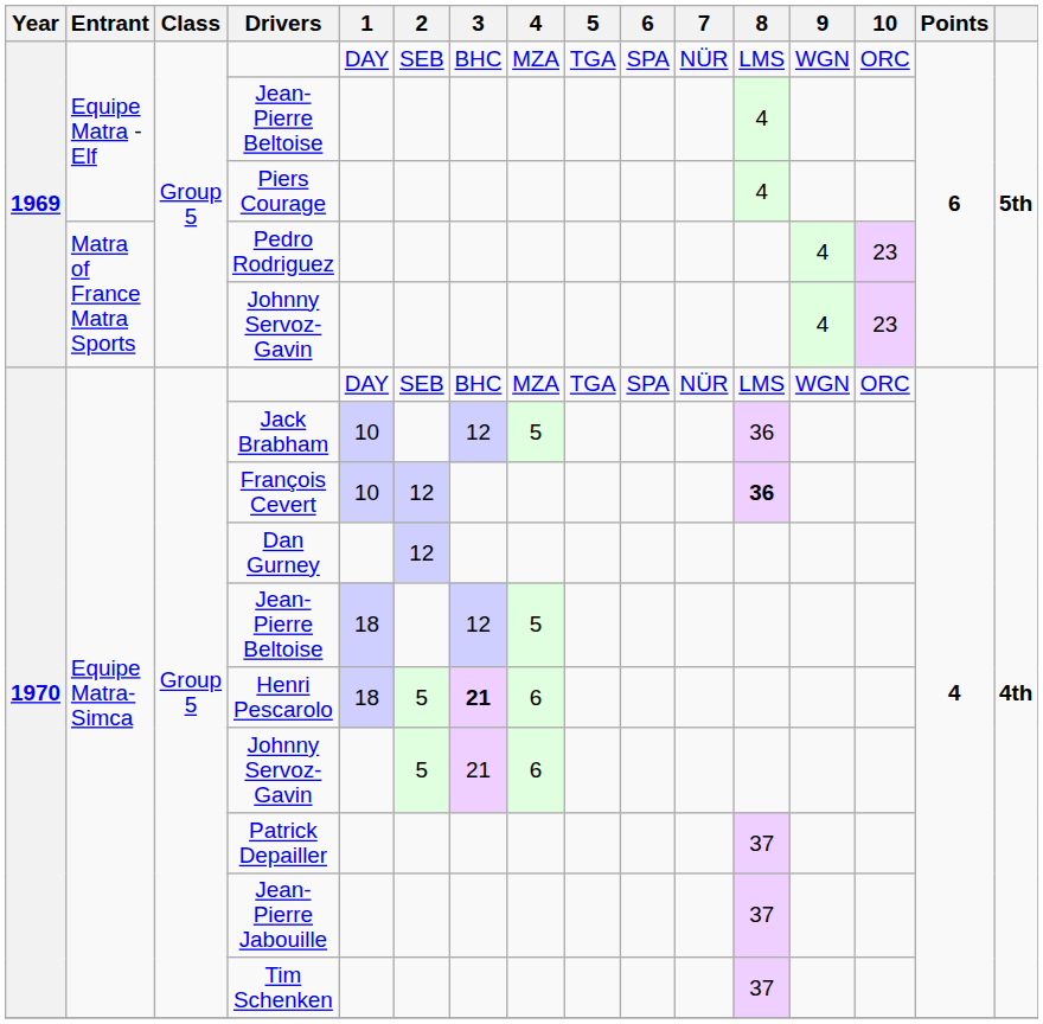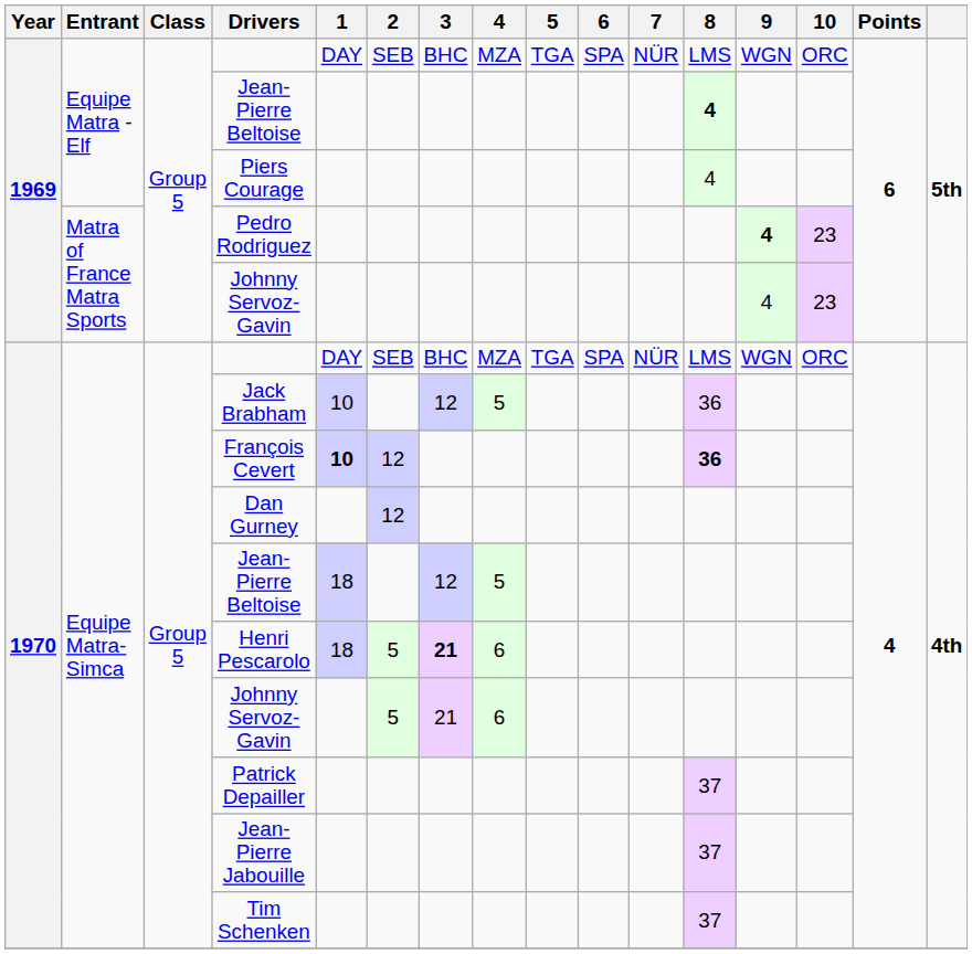 <table class="wikitable" style="text-align:center; font-size:90%">
 <tr>
 <th>Year</th>
 <th>Entrant</th>
 <th>Class</th>
 <th>Drivers</th>
 <th>1</th>
 <th>2</th>
 <th>3</th>
 <th>4</th>
 <th>5</th>
 <th>6</th>
 <th>7</th>
 <th>8</th>
 <th>9</th>
 <th>10</th>
 <th>Points</th>
 <th></th>
 </tr>
 <tr>
 <th rowspan="5"><a href='#'>1969</a></th>
 <td rowspan="3" align="left"><a href='#'>Equipe Matra</a> - <a href='#'>Elf</a></td>
 <td rowspan="5"><a href='#'>Group 5</a></td>
 <td></td>
 <td><a href='#'>DAY</a></td>
 <td><a href='#'>SEB</a></td>
 <td><a href='#'>BHC</a></td>
 <td><a href='#'>MZA</a></td>
 <td><a href='#'>TGA</a></td>
 <td><a href='#'>SPA</a></td>
 <td><a href='#'>NÜR</a></td>
 <td><a href='#'>LMS</a></td>
 <td><a href='#'>WGN</a></td>
 <td><a href='#'>ORC</a></td>
 <td rowspan="5"><strong>6</strong></td>
 <td rowspan="5"><strong>5th</strong></td>
 </tr>
 <tr>
 <td> <a href='#'>Jean-Pierre Beltoise</a></td>
 <td></td>
 <td></td>
 <td></td>
 <td></td>
 <td></td>
 <td></td>
 <td></td>
-<td style="background:#dfffdf;">4</td>
+<td style="background:#dfffdf;"><strong>4</strong></td>
 <td></td>
 <td></td>
 </tr>
 <tr>
 <td> <a href='#'>Piers Courage</a></td>
 <td></td>
 <td></td>
 <td></td>
 <td></td>
 <td></td>
 <td></td>
 <td></td>
 <td style="background:#dfffdf;">4</td>
 <td></td>
 <td></td>
 </tr>
 <tr>
 <td rowspan="2" align="left"><a href='#'>Matra of France</a> <br> <a href='#'>Matra Sports</a></td>
 <td> <a href='#'>Pedro Rodriguez</a></td>
 <td></td>
 <td></td>
 <td></td>
 <td></td>
 <td></td>
 <td></td>
 <td></td>
 <td></td>
-<td style="background:#dfffdf;">4</td>
+<td style="background:#dfffdf;"><strong>4</strong></td>
 <td style="background:#efcfff;">23</td>
 </tr>
 <tr>
 <td> <a href='#'>Johnny Servoz-Gavin</a></td>
 <td></td>
 <td></td>
 <td></td>
 <td></td>
 <td></td>
 <td></td>
 <td></td>
 <td></td>
 <td style="background:#dfffdf;">4</td>
 <td style="background:#efcfff;">23</td>
 </tr>
 <tr>
 <th rowspan="10"><a href='#'>1970</a></th>
 <td rowspan="10" align="left"><a href='#'>Equipe Matra-Simca</a></td>
 <td rowspan="10"><a href='#'>Group 5</a></td>
 <td></td>
 <td><a href='#'>DAY</a></td>
 <td><a href='#'>SEB</a></td>
 <td><a href='#'>BHC</a></td>
 <td><a href='#'>MZA</a></td>
 <td><a href='#'>TGA</a></td>
 <td><a href='#'>SPA</a></td>
 <td><a href='#'>NÜR</a></td>
 <td><a href='#'>LMS</a></td>
 <td><a href='#'>WGN</a></td>
 <td><a href='#'>ORC</a></td>
 <td rowspan="10"><strong>4</strong></td>
 <td rowspan="10"><strong>4th</strong></td>
 </tr>
 <tr>
 <td> <a href='#'>Jack Brabham</a></td>
 <td style="background:#CFCFFF;">10</td>
 <td></td>
 <td style="background:#CFCFFF;">12</td>
 <td style="background:#dfffdf;">5</td>
 <td></td>
 <td></td>
 <td></td>
 <td style="background:#efcfff;">36</td>
 <td></td>
 <td></td>
 </tr>
 <tr>
 <td> <a href='#'>François Cevert</a></td>
-<td style="background:#CFCFFF;">10</td>
+<td style="background:#CFCFFF;"><strong>10</strong></td>
 <td style="background:#CFCFFF;">12</td>
 <td></td>
 <td></td>
 <td></td>
 <td></td>
 <td></td>
 <td style="background:#efcfff;"><strong>36</strong></td>
 <td></td>
 <td></td>
 </tr>
 <tr>
 <td> <a href='#'>Dan Gurney</a></td>
 <td></td>
 <td style="background:#CFCFFF;">12</td>
 <td></td>
 <td></td>
 <td></td>
 <td></td>
 <td></td>
 <td></td>
 <td></td>
 <td></td>
 </tr>
 <tr>
 <td> <a href='#'>Jean-Pierre Beltoise</a></td>
 <td style="background:#CFCFFF;">18</td>
 <td></td>
 <td style="background:#CFCFFF;">12</td>
 <td style="background:#dfffdf;">5</td>
 <td></td>
 <td></td>
 <td></td>
 <td></td>
 <td></td>
 <td></td>
 </tr>
 <tr>
 <td> <a href='#'>Henri Pescarolo</a></td>
 <td style="background:#CFCFFF;">18</td>
 <td style="background:#dfffdf;">5</td>
 <td style="background:#efcfff;"><strong>21</strong></td>
 <td style="background:#dfffdf;">6</td>
 <td></td>
 <td></td>
 <td></td>
 <td></td>
 <td></td>
 <td></td>
 </tr>
 <tr>
 <td> <a href='#'>Johnny Servoz-Gavin</a></td>
 <td></td>
 <td style="background:#dfffdf;">5</td>
 <td style="background:#efcfff;">21</td>
 <td style="background:#dfffdf;">6</td>
 <td></td>
 <td></td>
 <td></td>
 <td></td>
 <td></td>
 <td></td>
 </tr>
 <tr>
 <td> <a href='#'>Patrick Depailler</a></td>
 <td></td>
 <td></td>
 <td></td>
 <td></td>
 <td></td>
 <td></td>
 <td></td>
 <td style="background:#efcfff;">37</td>
 <td></td>
 <td></td>
 </tr>
 <tr>
 <td> <a href='#'>Jean-Pierre Jabouille</a></td>
 <td></td>
 <td></td>
 <td></td>
 <td></td>
 <td></td>
 <td></td>
 <td></td>
 <td style="background:#efcfff;">37</td>
 <td></td>
 <td></td>
 </tr>
 <tr>
 <td> <a href='#'>Tim Schenken</a></td>
 <td></td>
 <td></td>
 <td></td>
 <td></td>
 <td></td>
 <td></td>
 <td></td>
 <td style="background:#efcfff;">37</td>
 <td></td>
 <td></td>
 </tr>
 <tr>
 </tr>
 </table>
